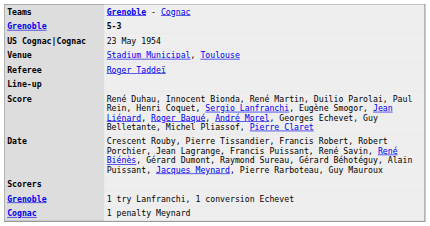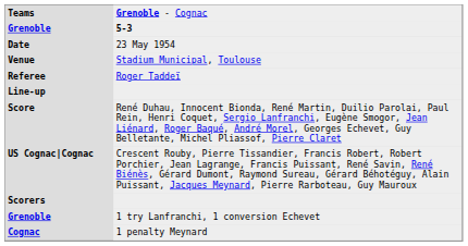 <table align="left" cellpadding="4" cellspacing="0"  style="margin: 0 0 0 0; border: 1px solid #999; border-right-width: 2px; border-bottom-width: 2px; background-color: #DDDDDD">
 <tr>
 <td width="150" valign="top"><strong>Teams</strong></td>
 <td width="500" bgcolor=#EEEEEE><strong><a href='#'>Grenoble</a></strong> - <a href='#'>Cognac</a></td>
 </tr>
 <tr>
 <td valign="top"><strong> <a href='#'>Grenoble</a> </strong></td>
 <td bgcolor=#EEEEEE><strong>5-3</strong></td>
 </tr>
 <tr>
-<td valign="top"><strong>US Cognac|Cognac</strong></td>
+<td valign="top"><strong>Date</strong></td>
 <td bgcolor=#EEEEEE>23 May 1954</td>
 </tr>
 <tr>
 <td valign="top"><strong>Venue</strong></td>
 <td bgcolor=#EEEEEE><a href='#'>Stadium Municipal</a>, <a href='#'>Toulouse</a></td>
 </tr>
 <tr>
 <td valign="top"><strong>Referee</strong></td>
 <td bgcolor=#EEEEEE><a href='#'>Roger Taddeï</a></td>
 </tr>
 <tr>
 <td valign="top"><strong>Line-up</strong></td>
 <td bgcolor=#EEEEEE></td>
 </tr>
 <tr>
 <td valign="top"><strong>Score</strong></td>
 <td bgcolor=#EEEEEE>René Duhau, Innocent Bionda, René Martin, Duilio Parolai, Paul Rein, Henri Coquet, <a href='#'>Sergio Lanfranchi</a>, Eugène Smogor, <a href='#'>Jean Liénard</a>, <a href='#'>Roger Baqué</a>, <a href='#'>André Morel</a>, Georges Echevet, Guy Belletante, Michel Pliassof, <a href='#'>Pierre Claret</a></td>
 </tr>
 <tr>
-<td valign="top"><strong>Date</strong></td>
+<td valign="top"><strong>US Cognac|Cognac</strong></td>
 <td bgcolor=#EEEEEE>Crescent Rouby, Pierre Tissandier, Francis Robert, Robert Porchier, Jean Lagrange, Francis Puissant, René Savin, <a href='#'>René Biénès</a>, Gérard Dumont, Raymond Sureau, Gérard Béhotéguy, Alain Puissant, <a href='#'>Jacques Meynard</a>, Pierre Rarboteau, Guy Mauroux</td>
 </tr>
 <tr>
 <td valign="top"><strong>Scorers</strong></td>
 <td bgcolor=#EEEEEE></td>
 </tr>
 <tr>
 <td valign="top"><strong><a href='#'>Grenoble</a>  </strong></td>
 <td bgcolor=#EEEEEE>1 try Lanfranchi, 1 conversion Echevet</td>
 </tr>
 <tr>
 <td valign="top"><strong><a href='#'>Cognac</a></strong></td>
 <td bgcolor=#EEEEEE>1 penalty Meynard</td>
 </tr>
 </table>
